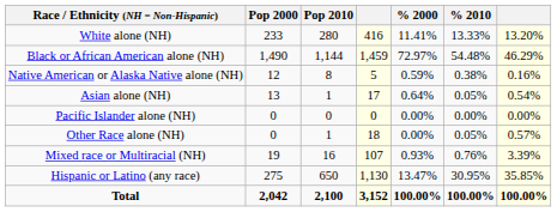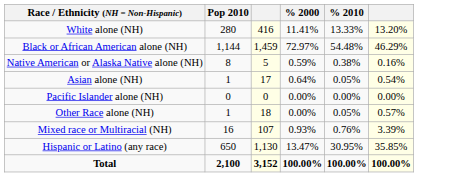 <table class="wikitable" style="text-align:center;">
 <tr>
 <th>Race / Ethnicity <small>(<em>NH = Non-Hispanic</em>)</small></th>
-<th>Pop 2000</th>
 <th>Pop 2010</th>
 <th></th>
 <th>% 2000</th>
 <th>% 2010</th>
 <th></th>
 </tr>
 <tr>
 <td><a href='#'>White</a> alone (NH)</td>
-<td>233</td>
 <td>280</td>
 <td style='background: #ffffe6;'>416</td>
 <td>11.41%</td>
 <td>13.33%</td>
 <td style='background: #ffffe6;'>13.20%</td>
 </tr>
 <tr>
 <td><a href='#'>Black or African American</a> alone (NH)</td>
-<td>1,490</td>
 <td>1,144</td>
 <td style='background: #ffffe6;'>1,459</td>
 <td>72.97%</td>
 <td>54.48%</td>
 <td style='background: #ffffe6;'>46.29%</td>
 </tr>
 <tr>
 <td><a href='#'>Native American</a> or <a href='#'>Alaska Native</a> alone (NH)</td>
-<td>12</td>
 <td>8</td>
 <td style='background: #ffffe6;'>5</td>
 <td>0.59%</td>
 <td>0.38%</td>
 <td style='background: #ffffe6;'>0.16%</td>
 </tr>
 <tr>
 <td><a href='#'>Asian</a> alone (NH)</td>
-<td>13</td>
 <td>1</td>
 <td style='background: #ffffe6;'>17</td>
 <td>0.64%</td>
 <td>0.05%</td>
 <td style='background: #ffffe6;'>0.54%</td>
 </tr>
 <tr>
 <td><a href='#'>Pacific Islander</a> alone (NH)</td>
 <td>0</td>
-<td>0</td>
 <td style='background: #ffffe6;'>0</td>
 <td>0.00%</td>
 <td>0.00%</td>
 <td style='background: #ffffe6;'>0.00%</td>
 </tr>
 <tr>
 <td><a href='#'>Other Race</a> alone (NH)</td>
-<td>0</td>
 <td>1</td>
 <td style='background: #ffffe6;'>18</td>
 <td>0.00%</td>
 <td>0.05%</td>
 <td style='background: #ffffe6;'>0.57%</td>
 </tr>
 <tr>
 <td><a href='#'>Mixed race or Multiracial</a> (NH)</td>
-<td>19</td>
 <td>16</td>
 <td style='background: #ffffe6;'>107</td>
 <td>0.93%</td>
 <td>0.76%</td>
 <td style='background: #ffffe6;'>3.39%</td>
 </tr>
 <tr>
 <td><a href='#'>Hispanic or Latino</a> (any race)</td>
-<td>275</td>
 <td>650</td>
 <td style='background: #ffffe6;'>1,130</td>
 <td>13.47%</td>
 <td>30.95%</td>
 <td style='background: #ffffe6;'>35.85%</td>
 </tr>
 <tr>
 <td><strong>Total</strong></td>
-<td><strong>2,042</strong></td>
 <td><strong>2,100</strong></td>
 <td style='background: #ffffe6;'><strong>3,152</strong></td>
 <td><strong>100.00%</strong></td>
 <td><strong>100.00%</strong></td>
 <td style='background: #ffffe6;'><strong>100.00%</strong></td>
 </tr>
 </table>
